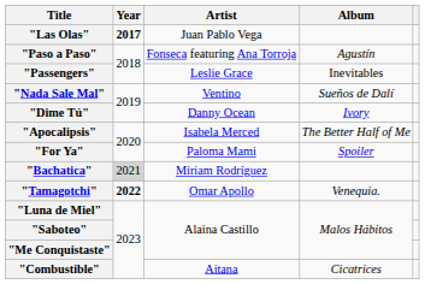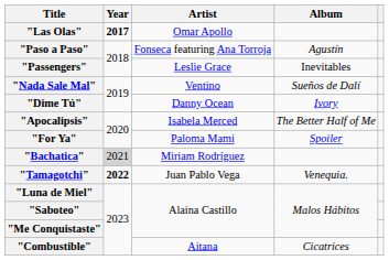 <table class="wikitable plainrowheaders" style="text-align:center;">
 <tr>
 <th scope="col">Title</th>
 <th scope="col">Year</th>
 <th scope="col">Artist</th>
 <th scope="col">Album</th>
 <th scope="col" class="unsortable"></th>
 </tr>
 <tr>
 <th scope="row">"Las Olas"</th>
 <td><strong>2017</strong></td>
-<td>Juan Pablo Vega</td>
+<td><a href='#'>Omar Apollo</a></td>
 <td></td>
 <td></td>
 </tr>
 <tr>
 <th scope="row">"Paso a Paso"</th>
 <td rowspan="2">2018</td>
 <td><a href='#'> Fonseca</a> featuring <a href='#'>Ana Torroja</a></td>
 <td><em>Agustín </em></td>
 <td></td>
 </tr>
 <tr>
 <th scope="row">"Passengers"</th>
 <td><a href='#'>Leslie Grace</a></td>
 <td>Inevitables</td>
 <td></td>
 </tr>
 <tr>
 <th scope="row">"<a href='#'>Nada Sale Mal</a>"</th>
 <td rowspan="2">2019</td>
 <td><a href='#'>Ventino</a></td>
 <td><em>Sueños de Dalí</em></td>
 <td></td>
 </tr>
 <tr>
 <th scope="row">"Dime Tú"</th>
 <td><a href='#'> Danny Ocean</a></td>
 <td><em><a href='#'> Ivory</a></em></td>
 <td></td>
 </tr>
 <tr>
 <th scope="row">"Apocalipsis"</th>
 <td rowspan="2">2020</td>
 <td><a href='#'>Isabela Merced</a></td>
 <td><em>The Better Half of Me</em></td>
 <td></td>
 </tr>
 <tr>
 <th scope="row">"For Ya"</th>
 <td><a href='#'>Paloma Mami</a></td>
 <td><a href='#'> <em>Spoiler</em></a></td>
 <td></td>
 </tr>
 <tr>
 <th scope="row">"<a href='#'>Bachatica</a>"</th>
 <td style="background: lightgrey;">2021</td>
 <td><a href='#'>Miriam Rodríguez</a></td>
 <td></td>
 <td></td>
 </tr>
 <tr>
 <th scope="row">"<a href='#'>Tamagotchi</a>"</th>
 <td><strong>2022</strong></td>
-<td><a href='#'>Omar Apollo</a></td>
+<td>Juan Pablo Vega</td>
 <td><em>Venequia.</em></td>
 <td></td>
 </tr>
 <tr>
 <th scope="row">"Luna de Miel"</th>
 <td rowspan="4">2023</td>
 <td rowspan="3">Alaina Castillo</td>
 <td rowspan="3"><em>Malos Hábitos</em></td>
 <td></td>
 </tr>
 <tr>
 <th scope="row">"Saboteo"</th>
 <td></td>
 </tr>
 <tr>
 <th scope="row">"Me Conquistaste"</th>
 <td></td>
 </tr>
 <tr>
 <th scope="row">"Combustible"</th>
 <td><a href='#'> Aitana</a></td>
 <td><em>Cicatrices</em></td>
 <td></td>
 </tr>
 </table>
